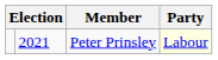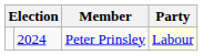 <table class="wikitable">
 <tr>
 <th colspan="2">Election</th>
 <th>Member</th>
 <th>Party</th>
 </tr>
 <tr>
 <td style="color:inherit;background-color: "></td>
-<td><a href='#'>2021</a></td>
+<td><a href='#'>2024</a></td>
 <td><a href='#'>Peter Prinsley</a></td>
 <td style="background: lightyellow;"><a href='#'>Labour</a></td>
 </tr>
 </table>
